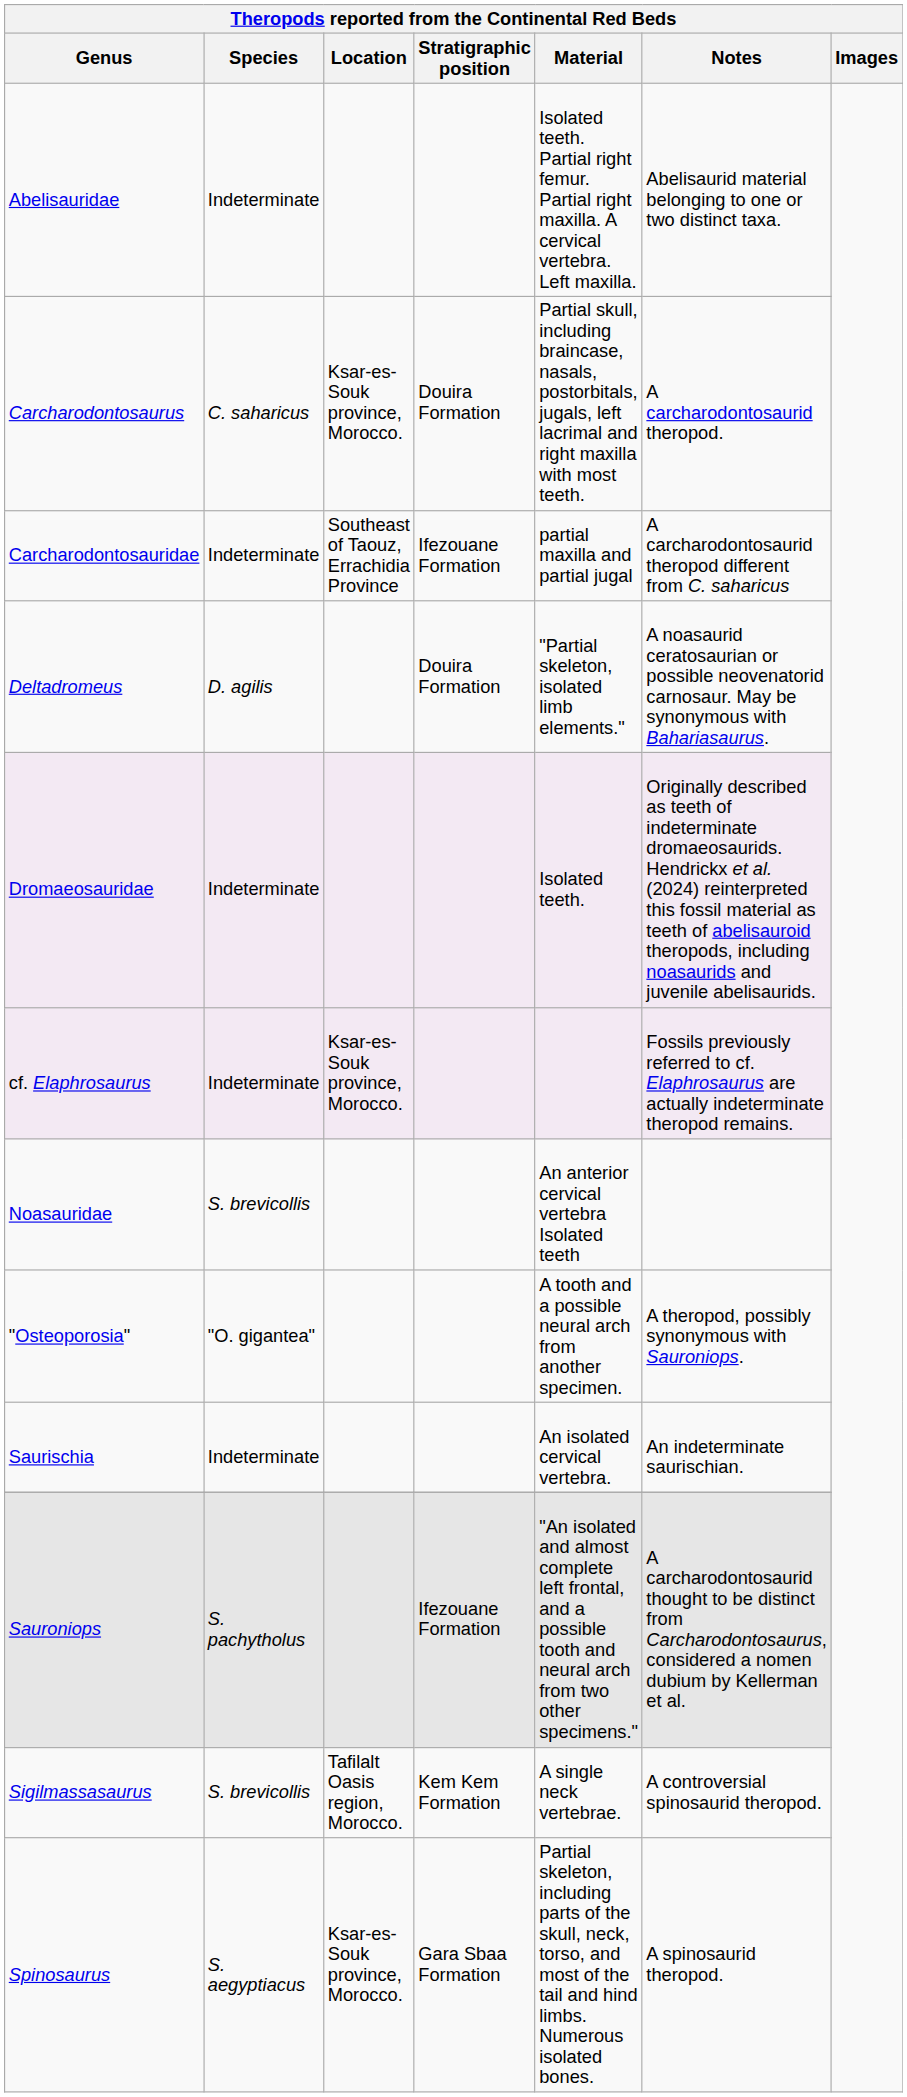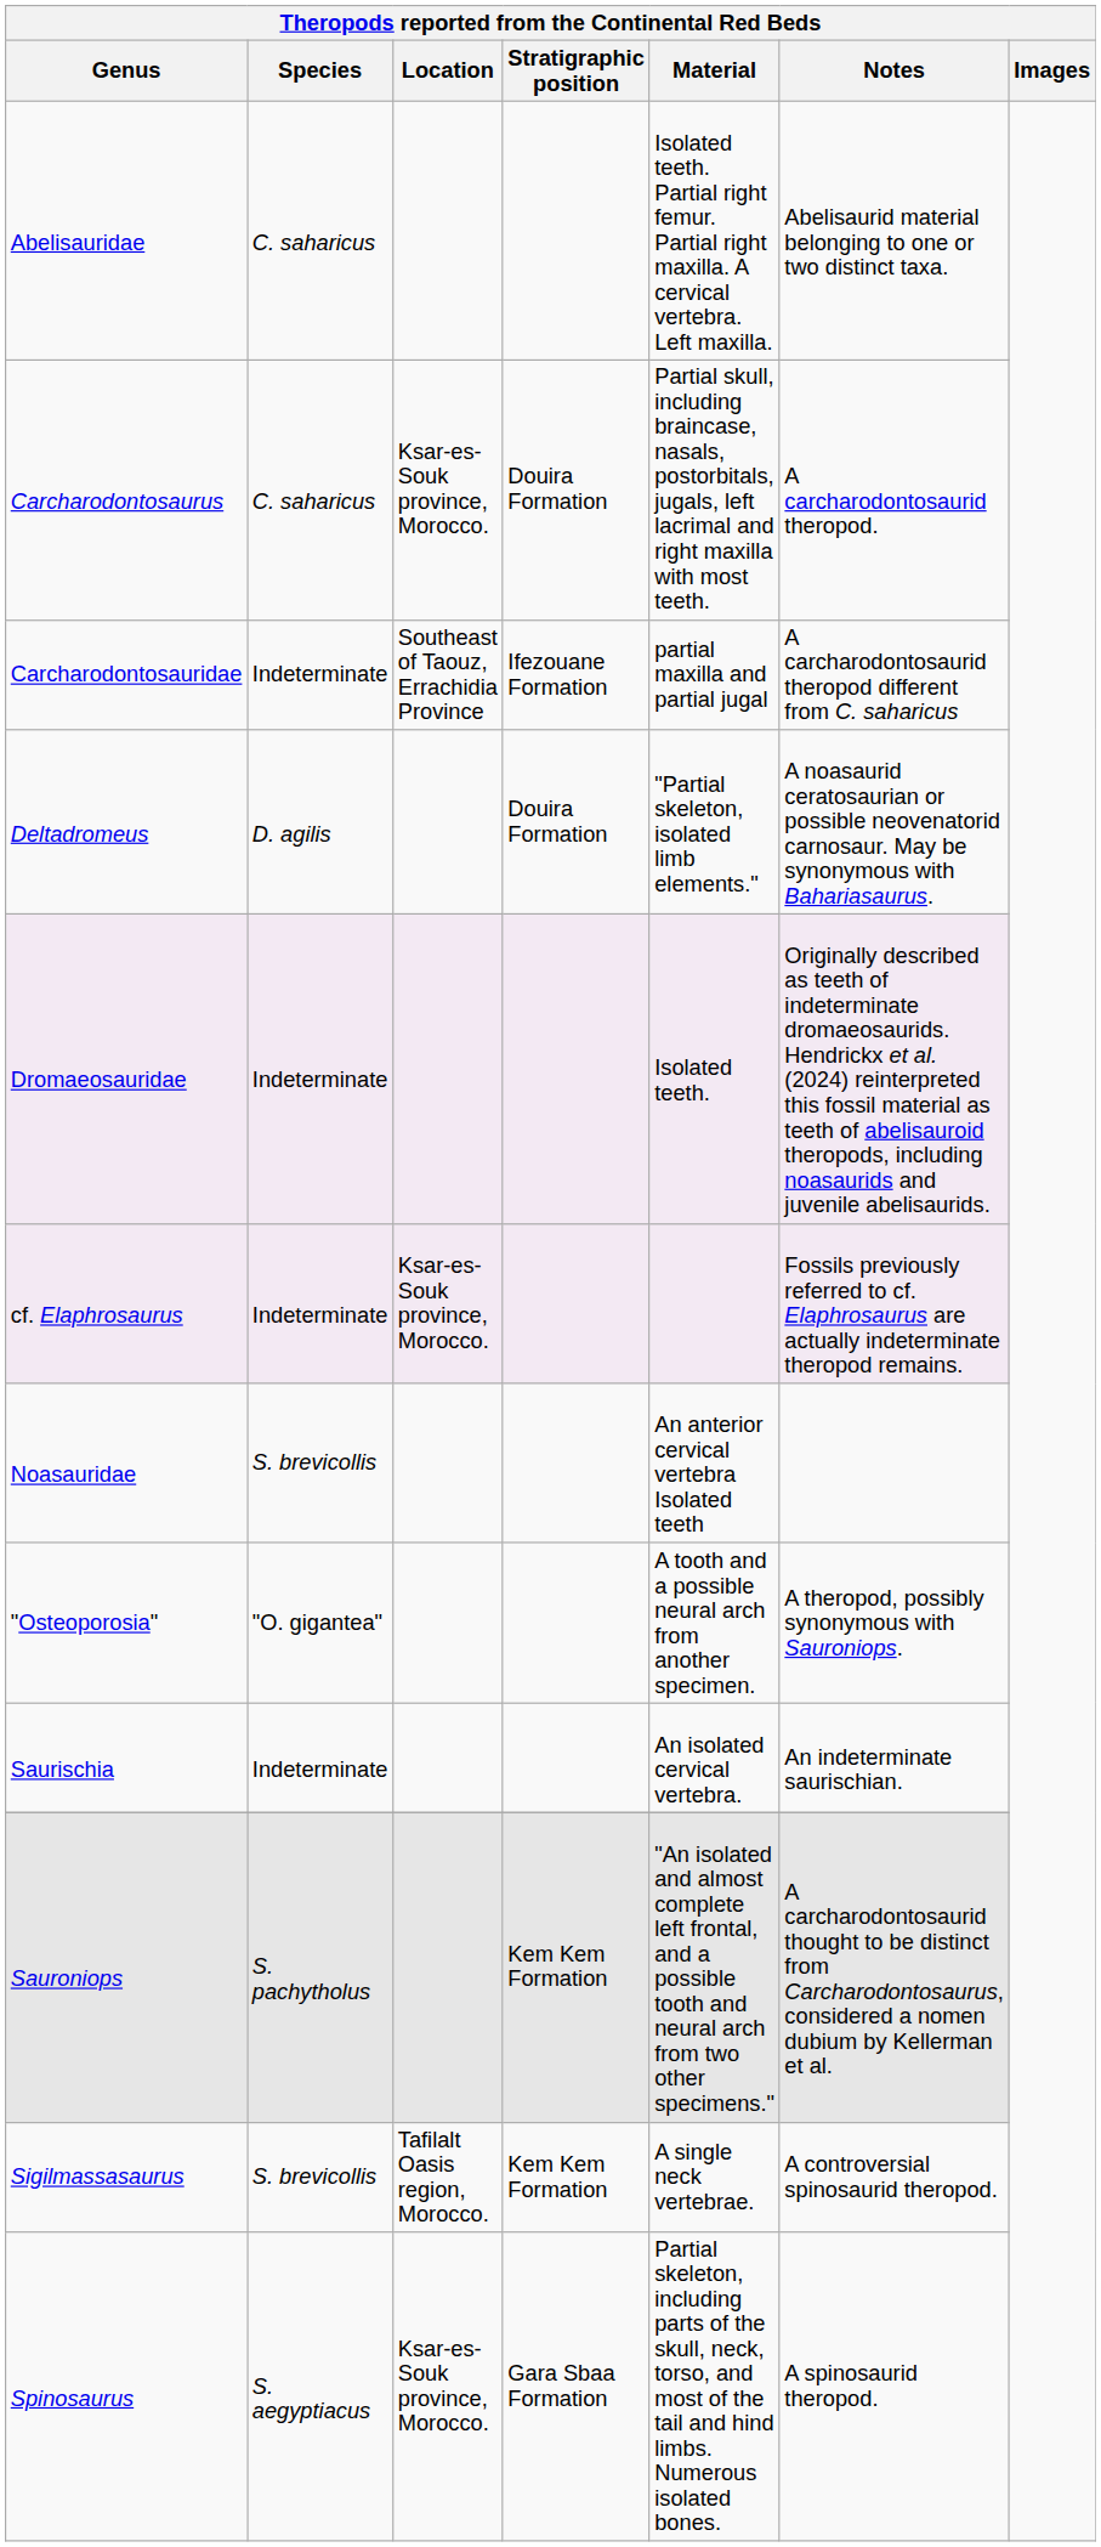 <table class="wikitable" align="center" width="100%">
 <tr>
 <th colspan="7" align="center"><a href='#'>Theropods</a> reported from the Continental Red Beds</th>
 </tr>
 <tr>
 <th>Genus</th>
 <th>Species</th>
 <th>Location</th>
 <th>Stratigraphic position</th>
 <th>Material</th>
 <th>Notes</th>
 <th>Images</th>
 </tr>
 <tr>
 <td><br><a href='#'>Abelisauridae</a></td>
-<td><br>Indeterminate</td>
+<td><br><em>C. saharicus</em></td>
 <td></td>
 <td></td>
 <td><br>Isolated teeth.<br>Partial right femur. Partial right maxilla. A cervical vertebra. Left maxilla.</td>
 <td><br>Abelisaurid material belonging to one or two distinct taxa.</td>
 <td rowspan="95"><br>  </td>
 </tr>
 <tr>
 <td><br><em><a href='#'>Carcharodontosaurus</a></em></td>
 <td><br><em>C. saharicus</em></td>
 <td>Ksar-es-Souk province, Morocco.</td>
 <td>Douira Formation</td>
 <td>Partial skull, including braincase, nasals, postorbitals, jugals, left lacrimal and right maxilla with most teeth.</td>
 <td><br>A <a href='#'>carcharodontosaurid</a> theropod.</td>
 </tr>
 <tr>
 <td><a href='#'>Carcharodontosauridae</a></td>
 <td>Indeterminate</td>
 <td>Southeast of Taouz, Errachidia Province</td>
 <td>Ifezouane Formation</td>
 <td>partial maxilla and partial jugal</td>
 <td>A carcharodontosaurid theropod different from <em>C. saharicus</em></td>
 </tr>
 <tr>
 <td><br><em><a href='#'>Deltadromeus</a></em></td>
 <td><br><em>D. agilis</em></td>
 <td></td>
 <td>Douira Formation</td>
 <td><br>"Partial skeleton, isolated limb elements."</td>
 <td><br>A noasaurid ceratosaurian or possible neovenatorid carnosaur. May be synonymous with <em><a href='#'>Bahariasaurus</a></em>.</td>
 </tr>
 <tr style="background:#f3e9f3;">
 <td><br><a href='#'>Dromaeosauridae</a></td>
 <td><br>Indeterminate</td>
 <td></td>
 <td></td>
 <td><br>Isolated teeth.</td>
 <td><br>Originally described as teeth of indeterminate dromaeosaurids. Hendrickx <em>et al.</em> (2024) reinterpreted this fossil material as teeth of <a href='#'>abelisauroid</a> theropods, including <a href='#'>noasaurids</a> and juvenile abelisaurids.</td>
 </tr>
 <tr>
 <td style="background:#f3e9f3;"><br>cf. <em><a href='#'>Elaphrosaurus</a></em></td>
 <td style="background:#f3e9f3;"><br>Indeterminate</td>
 <td style="background:#f3e9f3;">Ksar-es-Souk province, Morocco.</td>
 <td style="background:#f3e9f3;"></td>
 <td style="background:#f3e9f3;"></td>
 <td style="background:#f3e9f3;"><br>Fossils previously referred to cf. <em><a href='#'>Elaphrosaurus</a></em> are actually indeterminate theropod remains.</td>
 </tr>
 <tr>
 <td><br><a href='#'>Noasauridae</a></td>
 <td><em>S. brevicollis</em></td>
 <td></td>
 <td></td>
 <td><br>An anterior cervical vertebra<br>Isolated teeth</td>
 <td></td>
 </tr>
 <tr>
 <td>"<a href='#'>Osteoporosia</a>"<em></em></td>
 <td>"O. gigantea"<em></em></td>
 <td></td>
 <td></td>
 <td>A tooth and a possible neural arch from another specimen.<em></em></td>
 <td>A theropod, possibly synonymous with <em><a href='#'>Sauroniops</a></em>.</td>
 </tr>
 <tr>
 <td><br><a href='#'>Saurischia</a></td>
 <td><br>Indeterminate</td>
 <td></td>
 <td></td>
 <td><br>An isolated cervical vertebra.</td>
 <td><br>An indeterminate saurischian.</td>
 </tr>
 <tr>
 </tr>
 <tr style="background:#E6E6E6;">
 <td><br><em><a href='#'>Sauroniops</a></em></td>
 <td><br><em>S. pachytholus</em></td>
 <td></td>
-<td>Ifezouane Formation</td>
+<td>Kem Kem Formation</td>
 <td><br>"An isolated and almost complete left frontal, and a possible tooth and neural arch from two other specimens."</td>
 <td><br>A carcharodontosaurid thought to be distinct from <em>Carcharodontosaurus</em>, considered a nomen dubium by Kellerman et al.</td>
 </tr>
 <tr>
 <td><em><a href='#'>Sigilmassasaurus</a></em></td>
 <td><em>S. brevicollis</em></td>
 <td>Tafilalt Oasis region, Morocco.</td>
 <td>Kem Kem Formation</td>
 <td>A single neck vertebrae.</td>
 <td>A controversial spinosaurid theropod.</td>
 </tr>
 <tr>
 <td><br><em><a href='#'>Spinosaurus</a></em></td>
 <td><br><em>S. aegyptiacus</em></td>
 <td>Ksar-es-Souk province, Morocco.</td>
 <td>Gara Sbaa Formation</td>
 <td>Partial skeleton, including parts of the skull, neck, torso, and most of the tail and hind limbs. <br>Numerous isolated bones.</td>
 <td>A spinosaurid theropod.</td>
 </tr>
 </table>
